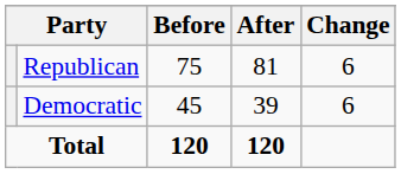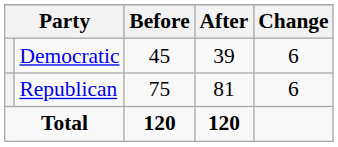 <table class="wikitable" style="text-align:center;">
 <tr>
 </tr>
 <tr>
 <th colspan=2>Party</th>
 <th>Before</th>
 <th>After</th>
 <th>Change</th>
 </tr>
 <tr>
 <th style="background-color:"></th>
-<td style="text-align:left;"><a href='#'>Republican</a></td>
-<td>75</td>
-<td>81</td>
+<td style="text-align:left;"><a href='#'>Democratic</a></td>
+<td>45</td>
+<td>39</td>
 <td> 6</td>
 </tr>
 <tr>
 <th style="background-color:"></th>
-<td style="text-align:left;"><a href='#'>Democratic</a></td>
-<td>45</td>
-<td>39</td>
+<td style="text-align:left;"><a href='#'>Republican</a></td>
+<td>75</td>
+<td>81</td>
 <td> 6</td>
 </tr>
 <tr>
 <td colspan=2><strong>Total</strong></td>
 <td><strong>120</strong></td>
 <td><strong>120</strong></td>
 <td></td>
 </tr>
 </table>
